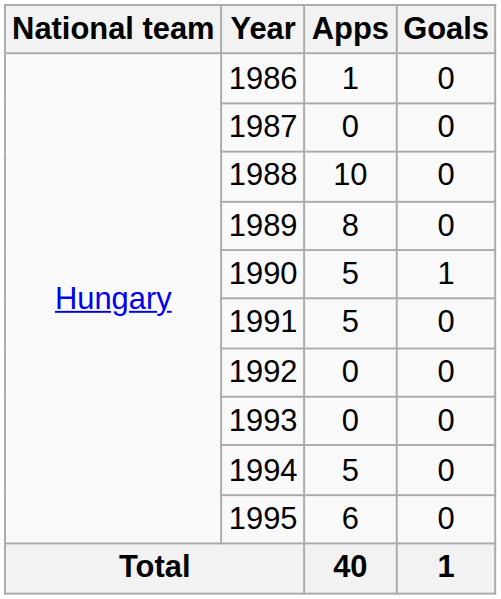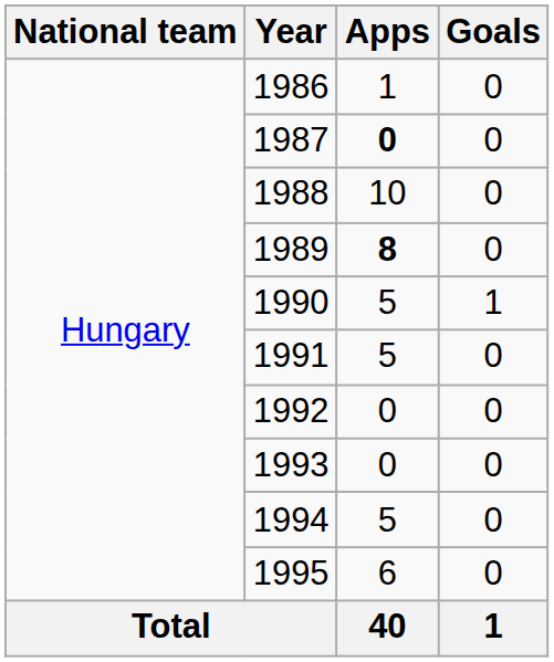 <table class="wikitable" style="text-align: center;">
 <tr>
 <th>National team</th>
 <th>Year</th>
 <th>Apps</th>
 <th>Goals</th>
 </tr>
 <tr>
 <td rowspan=10><a href='#'>Hungary</a></td>
 <td>1986</td>
 <td>1</td>
 <td>0</td>
 </tr>
 <tr>
 <td>1987</td>
-<td>0</td>
+<td><strong>0</strong></td>
 <td>0</td>
 </tr>
 <tr>
 <td>1988</td>
 <td>10</td>
 <td>0</td>
 </tr>
 <tr>
 <td>1989</td>
-<td>8</td>
+<td><strong>8</strong></td>
 <td>0</td>
 </tr>
 <tr>
 <td>1990</td>
 <td>5</td>
 <td>1</td>
 </tr>
 <tr>
 <td>1991</td>
 <td>5</td>
 <td>0</td>
 </tr>
 <tr>
 <td>1992</td>
 <td>0</td>
 <td>0</td>
 </tr>
 <tr>
 <td>1993</td>
 <td>0</td>
 <td>0</td>
 </tr>
 <tr>
 <td>1994</td>
 <td>5</td>
 <td>0</td>
 </tr>
 <tr>
 <td>1995</td>
 <td>6</td>
 <td>0</td>
 </tr>
 <tr>
 <th colspan=2>Total</th>
 <th>40</th>
 <th>1</th>
 </tr>
 </table>
